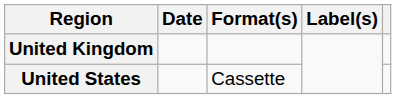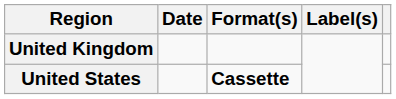 <table class="wikitable plainrowheaders" style="text-align:left">
 <tr>
 <th scope="col">Region</th>
 <th scope="col">Date</th>
 <th scope="col">Format(s)</th>
 <th scope="col">Label(s)</th>
 <th scope="col"></th>
 </tr>
 <tr>
 <th scope="row">United Kingdom</th>
 <td></td>
 <td></td>
 <td rowspan="2"></td>
 <td></td>
 </tr>
 <tr>
 <th scope="row">United States</th>
 <td></td>
-<td>Cassette</td>
+<td><strong>Cassette</strong></td>
 <td></td>
 </tr>
 </table>
